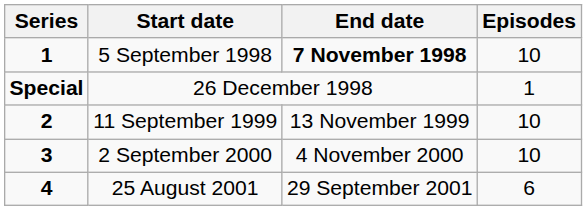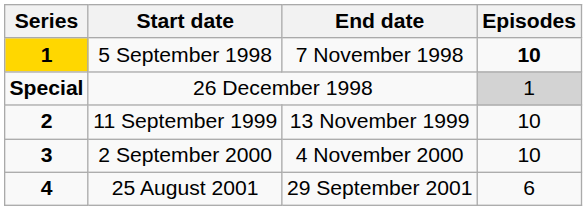 <table class="wikitable" style="text-align:center;">
 <tr>
 <th>Series</th>
 <th>Start date</th>
 <th>End date</th>
 <th>Episodes</th>
 </tr>
 <tr>
-<td><strong>1</strong></td>
+<td style="background: gold;"><strong>1</strong></td>
 <td>5 September 1998</td>
-<td><strong>7 November 1998</strong></td>
-<td>10</td>
+<td>7 November 1998</td>
+<td><strong>10</strong></td>
 </tr>
 <tr>
 <td><strong>Special</strong></td>
 <td colspan="2">26 December 1998</td>
-<td>1</td>
+<td style="background: lightgrey;">1</td>
 </tr>
 <tr>
 <td><strong>2</strong></td>
 <td>11 September 1999</td>
 <td>13 November 1999</td>
 <td>10</td>
 </tr>
 <tr>
 <td><strong>3</strong></td>
 <td>2 September 2000</td>
 <td>4 November 2000</td>
 <td>10</td>
 </tr>
 <tr>
 <td><strong>4</strong></td>
 <td>25 August 2001</td>
 <td>29 September 2001</td>
 <td>6</td>
 </tr>
 </table>
